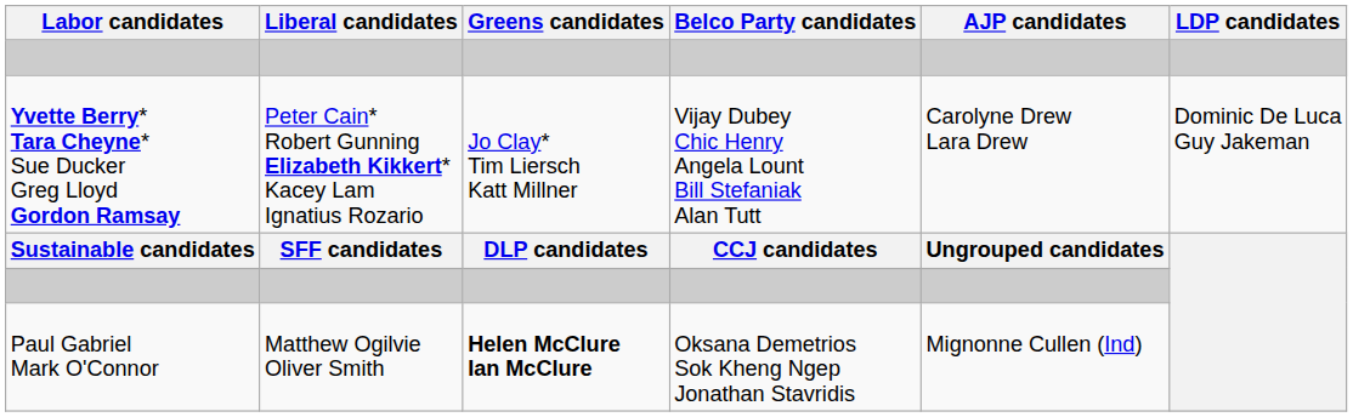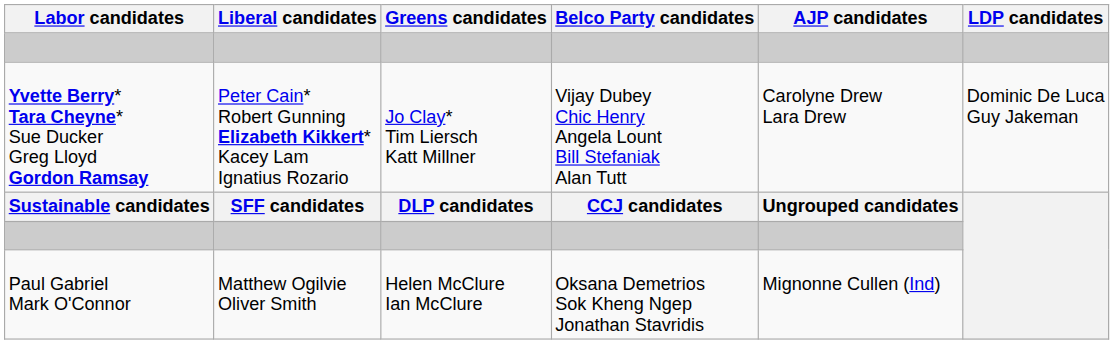 <table class="wikitable">
 <tr>
 <th><a href='#'>Labor</a> candidates</th>
 <th><a href='#'>Liberal</a> candidates</th>
 <th><a href='#'>Greens</a> candidates</th>
 <th><a href='#'>Belco Party</a> candidates</th>
 <th><a href='#'>AJP</a> candidates</th>
 <th><a href='#'>LDP</a> candidates</th>
 </tr>
 <tr bgcolor="#cccccc">
 <td></td>
 <td></td>
 <td></td>
 <td></td>
 <td></td>
 <td> </td>
 </tr>
 <tr>
 <td><br><strong><a href='#'>Yvette Berry</a></strong>*<br> <strong><a href='#'>Tara Cheyne</a></strong>*<br> Sue Ducker<br> Greg Lloyd<br> <strong><a href='#'>Gordon Ramsay</a></strong></td>
 <td><br><a href='#'>Peter Cain</a>*<br> Robert Gunning<br> <strong><a href='#'>Elizabeth Kikkert</a></strong>*<br> Kacey Lam<br> Ignatius Rozario</td>
 <td><br><a href='#'>Jo Clay</a>*<br> Tim Liersch<br> Katt Millner<br></td>
 <td valign=top><br>Vijay Dubey<br> <a href='#'>Chic Henry</a><br> Angela Lount<br> <a href='#'>Bill Stefaniak</a><br> Alan Tutt</td>
 <td valign=top><br>Carolyne Drew<br> Lara Drew</td>
 <td valign=top><br>Dominic De Luca<br> Guy Jakeman</td>
 </tr>
 <tr bgcolor="#cccccc">
 <th><a href='#'>Sustainable</a> candidates</th>
 <th><a href='#'>SFF</a> candidates</th>
 <th><a href='#'>DLP</a> candidates</th>
 <th><a href='#'>CCJ</a> candidates</th>
 <th>Ungrouped candidates</th>
 <th rowspan=3></th>
 </tr>
 <tr bgcolor="#cccccc">
 <td></td>
 <td></td>
 <td></td>
 <td></td>
 <td> </td>
 </tr>
 <tr>
 <td valign=top><br>Paul Gabriel<br> Mark O'Connor</td>
 <td valign=top><br>Matthew Ogilvie<br> Oliver Smith</td>
-<td valign=top><strong><br>Helen McClure<br> Ian McClure</strong></td>
+<td valign=top><br>Helen McClure<br> Ian McClure</td>
 <td valign=top><br>Oksana Demetrios<br> Sok Kheng Ngep<br> Jonathan Stavridis</td>
 <td valign=top><br>Mignonne Cullen (<a href='#'>Ind</a>)</td>
 </tr>
 </table>
